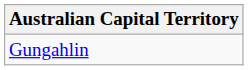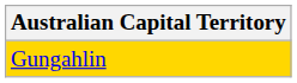 <table class="wikitable">
 <tr>
 <th>Australian Capital Territory</th>
 </tr>
 <tr>
-<td><a href='#'>Gungahlin</a></td>
+<td style="background: gold;"><a href='#'>Gungahlin</a></td>
 </tr>
 </table>
